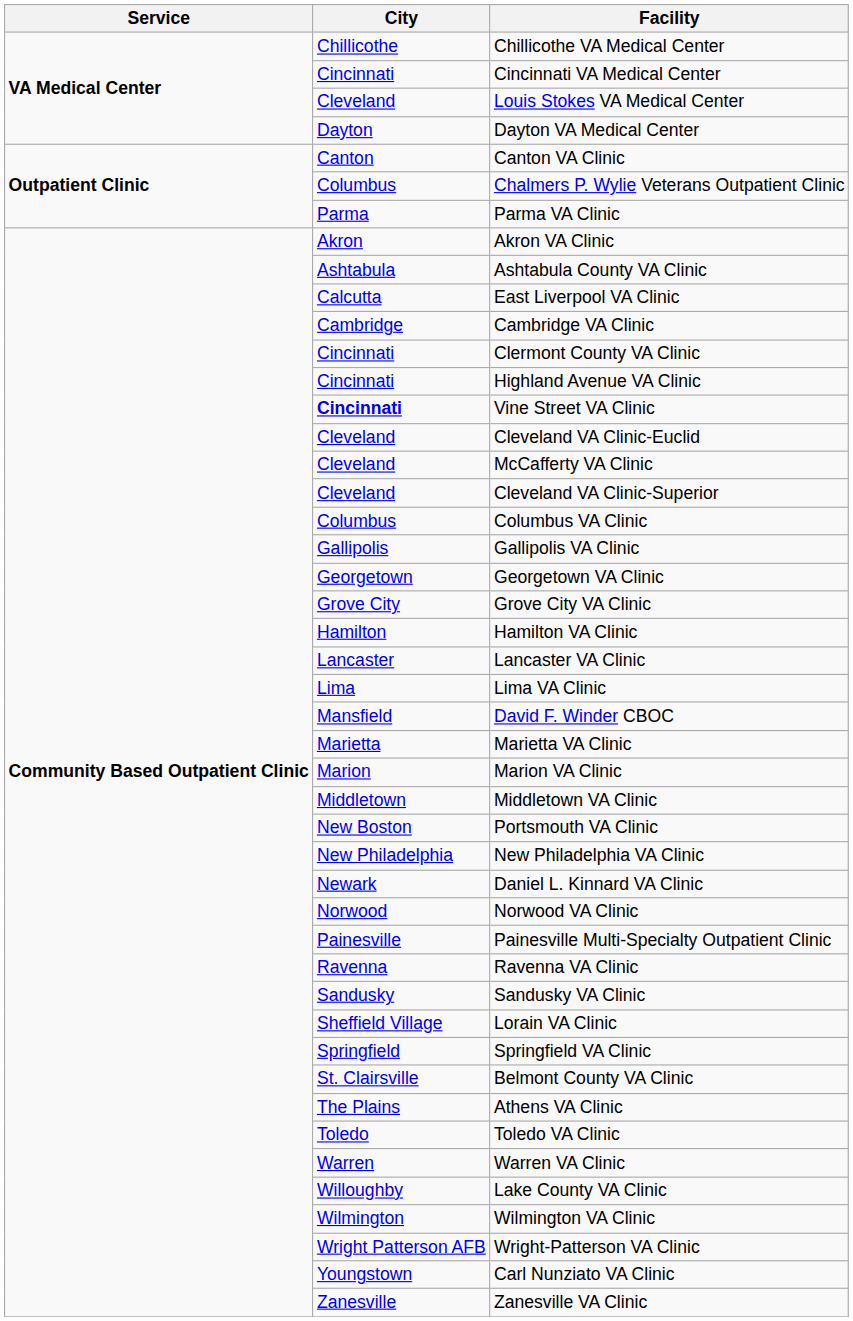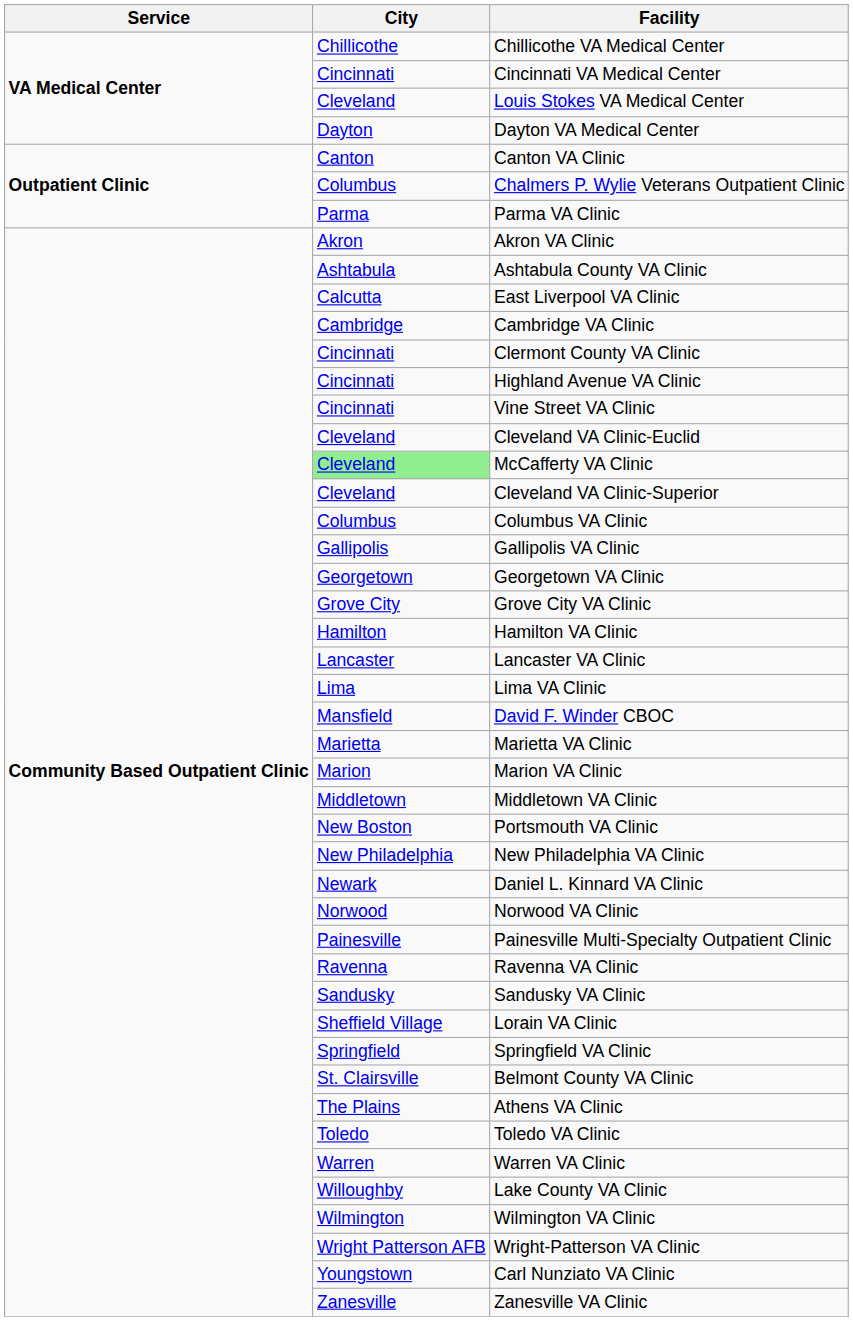 <table class="wikitable">
 <tr>
 <th>Service</th>
 <th>City</th>
 <th>Facility</th>
 </tr>
 <tr>
 <td rowspan=4><strong>VA Medical Center</strong></td>
 <td><a href='#'>Chillicothe</a></td>
 <td>Chillicothe VA Medical Center</td>
 </tr>
 <tr>
 <td><a href='#'>Cincinnati</a></td>
 <td>Cincinnati VA Medical Center</td>
 </tr>
 <tr>
 <td><a href='#'>Cleveland</a></td>
 <td><a href='#'>Louis Stokes</a> VA Medical Center</td>
 </tr>
 <tr>
 <td><a href='#'>Dayton</a></td>
 <td>Dayton VA Medical Center</td>
 </tr>
 <tr>
 <td rowspan=3><strong>Outpatient Clinic</strong></td>
 <td><a href='#'>Canton</a></td>
 <td>Canton VA Clinic</td>
 </tr>
 <tr>
 <td><a href='#'>Columbus</a></td>
 <td><a href='#'>Chalmers P. Wylie</a> Veterans Outpatient Clinic</td>
 </tr>
 <tr>
 <td><a href='#'>Parma</a></td>
 <td>Parma VA Clinic</td>
 </tr>
 <tr>
 <td rowspan=39><strong>Community Based Outpatient Clinic</strong></td>
 <td><a href='#'>Akron</a></td>
 <td>Akron VA Clinic</td>
 </tr>
 <tr>
 <td><a href='#'>Ashtabula</a></td>
 <td>Ashtabula County VA Clinic</td>
 </tr>
 <tr>
 <td><a href='#'>Calcutta</a></td>
 <td>East Liverpool VA Clinic</td>
 </tr>
 <tr>
 <td><a href='#'>Cambridge</a></td>
 <td>Cambridge VA Clinic</td>
 </tr>
 <tr>
 <td><a href='#'>Cincinnati</a></td>
 <td>Clermont County VA Clinic</td>
 </tr>
 <tr>
 <td><a href='#'>Cincinnati</a></td>
 <td>Highland Avenue VA Clinic</td>
 </tr>
 <tr>
-<td><strong><a href='#'>Cincinnati</a></strong></td>
+<td><a href='#'>Cincinnati</a></td>
 <td>Vine Street VA Clinic</td>
 </tr>
 <tr>
 <td><a href='#'>Cleveland</a></td>
 <td>Cleveland VA Clinic-Euclid</td>
 </tr>
 <tr>
-<td><a href='#'>Cleveland</a></td>
+<td style="background: lightgreen;"><a href='#'>Cleveland</a></td>
 <td>McCafferty VA Clinic</td>
 </tr>
 <tr>
 <td><a href='#'>Cleveland</a></td>
 <td>Cleveland VA Clinic-Superior</td>
 </tr>
 <tr>
 <td><a href='#'>Columbus</a></td>
 <td>Columbus VA Clinic</td>
 </tr>
 <tr>
 <td><a href='#'>Gallipolis</a></td>
 <td>Gallipolis VA Clinic</td>
 </tr>
 <tr>
 <td><a href='#'>Georgetown</a></td>
 <td>Georgetown VA Clinic</td>
 </tr>
 <tr>
 <td><a href='#'>Grove City</a></td>
 <td>Grove City VA Clinic</td>
 </tr>
 <tr>
 <td><a href='#'>Hamilton</a></td>
 <td>Hamilton VA Clinic</td>
 </tr>
 <tr>
 <td><a href='#'>Lancaster</a></td>
 <td>Lancaster VA Clinic</td>
 </tr>
 <tr>
 <td><a href='#'>Lima</a></td>
 <td>Lima VA Clinic</td>
 </tr>
 <tr>
 <td><a href='#'>Mansfield</a></td>
 <td><a href='#'>David F. Winder</a> CBOC</td>
 </tr>
 <tr>
 <td><a href='#'>Marietta</a></td>
 <td>Marietta VA Clinic</td>
 </tr>
 <tr>
 <td><a href='#'>Marion</a></td>
 <td>Marion VA Clinic</td>
 </tr>
 <tr>
 <td><a href='#'>Middletown</a></td>
 <td>Middletown VA Clinic</td>
 </tr>
 <tr>
 <td><a href='#'>New Boston</a></td>
 <td>Portsmouth VA Clinic</td>
 </tr>
 <tr>
 <td><a href='#'>New Philadelphia</a></td>
 <td>New Philadelphia VA Clinic</td>
 </tr>
 <tr>
 <td><a href='#'>Newark</a></td>
 <td>Daniel L. Kinnard VA Clinic</td>
 </tr>
 <tr>
 <td><a href='#'>Norwood</a></td>
 <td>Norwood VA Clinic</td>
 </tr>
 <tr>
 <td><a href='#'>Painesville</a></td>
 <td>Painesville Multi-Specialty Outpatient Clinic</td>
 </tr>
 <tr>
 <td><a href='#'>Ravenna</a></td>
 <td>Ravenna VA Clinic</td>
 </tr>
 <tr>
 <td><a href='#'>Sandusky</a></td>
 <td>Sandusky VA Clinic</td>
 </tr>
 <tr>
 <td><a href='#'>Sheffield Village</a></td>
 <td>Lorain VA Clinic</td>
 </tr>
 <tr>
 <td><a href='#'>Springfield</a></td>
 <td>Springfield VA Clinic</td>
 </tr>
 <tr>
 <td><a href='#'>St. Clairsville</a></td>
 <td>Belmont County VA Clinic</td>
 </tr>
 <tr>
 <td><a href='#'>The Plains</a></td>
 <td>Athens VA Clinic</td>
 </tr>
 <tr>
 <td><a href='#'>Toledo</a></td>
 <td>Toledo VA Clinic</td>
 </tr>
 <tr>
 <td><a href='#'>Warren</a></td>
 <td>Warren VA Clinic</td>
 </tr>
 <tr>
 <td><a href='#'>Willoughby</a></td>
 <td>Lake County VA Clinic</td>
 </tr>
 <tr>
 <td><a href='#'>Wilmington</a></td>
 <td>Wilmington VA Clinic</td>
 </tr>
 <tr>
 <td><a href='#'>Wright Patterson AFB</a></td>
 <td>Wright-Patterson VA Clinic</td>
 </tr>
 <tr>
 <td><a href='#'>Youngstown</a></td>
 <td>Carl Nunziato VA Clinic</td>
 </tr>
 <tr>
 <td><a href='#'>Zanesville</a></td>
 <td>Zanesville VA Clinic</td>
 </tr>
 </table>
